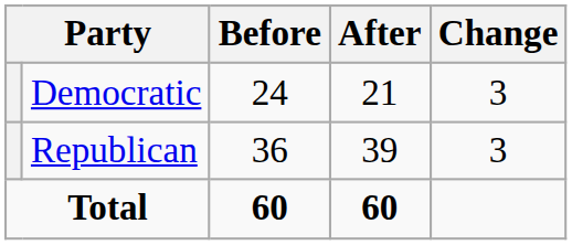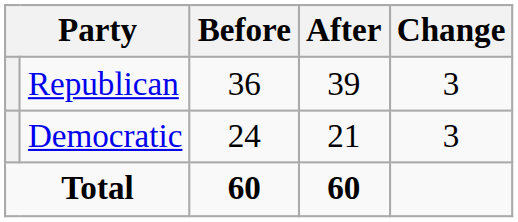 <table class="wikitable" style="text-align:center;">
 <tr>
 <th colspan="2">Party</th>
 <th>Before</th>
 <th>After</th>
 <th>Change</th>
 </tr>
 <tr>
 <th style="background-color:"></th>
-<td style="text-align:left;"><a href='#'>Democratic</a></td>
-<td>24</td>
-<td>21</td>
+<td style="text-align:left;"><a href='#'>Republican</a></td>
+<td>36</td>
+<td>39</td>
 <td> 3</td>
 </tr>
 <tr>
 <th style="background-color:"></th>
-<td style="text-align:left;"><a href='#'>Republican</a></td>
-<td>36</td>
-<td>39</td>
+<td style="text-align:left;"><a href='#'>Democratic</a></td>
+<td>24</td>
+<td>21</td>
 <td> 3</td>
 </tr>
 <tr>
 <td colspan="2"><strong>Total</strong></td>
 <td><strong>60</strong></td>
 <td><strong>60</strong></td>
 <td></td>
 </tr>
 </table>
